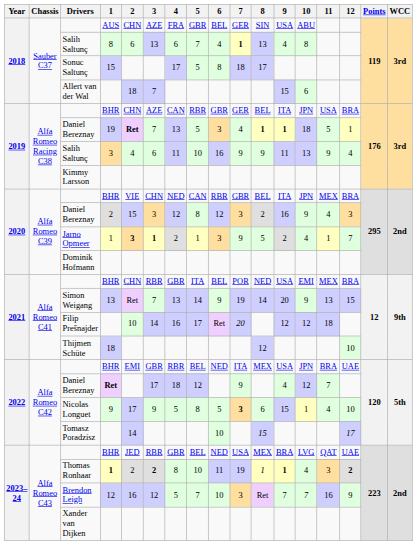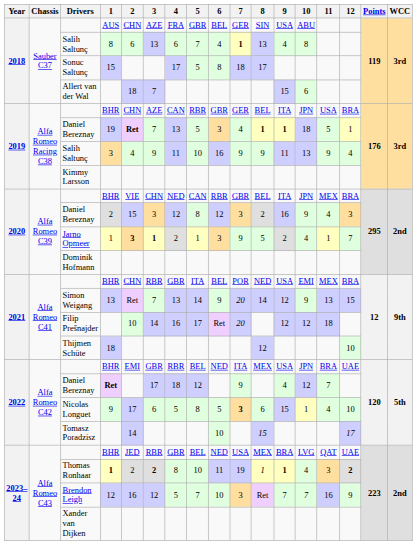 <table class="wikitable" style="text-align:center; font-size:85%">
 <tr>
 <th>Year</th>
 <th>Chassis</th>
 <th>Drivers</th>
 <th>1</th>
 <th>2</th>
 <th>3</th>
 <th>4</th>
 <th>5</th>
 <th>6</th>
 <th>7</th>
 <th>8</th>
 <th>9</th>
 <th>10</th>
 <th>11</th>
 <th>12</th>
 <th><a href='#'>Points</a></th>
 <th>WCC</th>
 </tr>
 <tr>
 <th rowspan="4"><a href='#'>2018</a></th>
 <td rowspan="4"><a href='#'>Sauber C37</a></td>
 <td></td>
 <td><a href='#'>AUS</a></td>
 <td><a href='#'>CHN</a></td>
 <td><a href='#'>AZE</a></td>
 <td><a href='#'>FRA</a></td>
 <td><a href='#'>GBR</a></td>
 <td><a href='#'>BEL</a></td>
 <td><a href='#'>GER</a></td>
 <td><a href='#'>SIN</a></td>
 <td><a href='#'>USA</a></td>
 <td><a href='#'>ABU</a></td>
 <td></td>
 <td></td>
 <th rowspan="4" style="background: #FFDF9F;">119</th>
 <th rowspan="4" style="background: #FFDF9F;">3rd</th>
 </tr>
 <tr>
 <td align="left"> Salih Saltunç</td>
 <td style="background: #DFFFDF">8</td>
 <td style="background: #DFFFDF">6</td>
 <td style="background: #CFCFFF">13</td>
 <td style="background: #DFFFDF">6</td>
 <td style="background: #DFFFDF">7</td>
 <td style="background: #DFFFDF">4</td>
 <td style="background: #FFFFBF"><strong>1</strong></td>
 <td style="background: #CFCFFF">13</td>
 <td style="background: #DFFFDF">4</td>
 <td style="background: #DFFFDF">8</td>
 <td></td>
 <td></td>
 </tr>
 <tr>
 <td align="left"> Sonuc Saltunç</td>
 <td style="background: #CFCFFF">15</td>
 <td style="background: #"></td>
 <td style="background: #"></td>
 <td style="background: #CFCFFF">17</td>
 <td style="background: #DFFFDF">5</td>
 <td style="background: #DFFFDF">8</td>
 <td style="background: #CFCFFF">18</td>
 <td style="background: #CFCFFF">17</td>
 <td style="background: #"></td>
 <td style="background: #"></td>
 <td></td>
 <td></td>
 </tr>
 <tr>
 <td align="left"> Allert van der Wal</td>
 <td style="background: #"></td>
 <td style="background: #CFCFFF">18</td>
 <td style="background: #CFCFFF">7</td>
 <td style="background: #"></td>
 <td style="background: #"></td>
 <td style="background: #"></td>
 <td style="background: #"></td>
 <td style="background: #"></td>
 <td style="background: #CFCFFF">15</td>
 <td style="background: #DFFFDF">6</td>
 <td></td>
 <td></td>
 </tr>
 <tr>
 <th rowspan="4"><a href='#'>2019</a></th>
 <td rowspan="4"><a href='#'>Alfa Romeo Racing C38</a></td>
 <td></td>
 <td><a href='#'>BHR</a></td>
 <td><a href='#'>CHN</a></td>
 <td><a href='#'>AZE</a></td>
 <td><a href='#'>CAN</a></td>
 <td><a href='#'>RBR</a></td>
 <td><a href='#'>GBR</a></td>
 <td><a href='#'>GER</a></td>
 <td><a href='#'>BEL</a></td>
 <td><a href='#'>ITA</a></td>
 <td><a href='#'>JPN</a></td>
 <td><a href='#'>USA</a></td>
 <td><a href='#'>BRA</a></td>
 <th rowspan="4" style="background: #FFDF9F;">176</th>
 <th rowspan="4" style="background: #FFDF9F;">3rd</th>
 </tr>
 <tr>
 <td align="left"> Daniel Bereznay</td>
 <td style="background: #CFCFFF">19</td>
 <td style="background: #EFCFFF"><strong>Ret</strong></td>
 <td style="background: #DFFFDF">7</td>
 <td style="background: #CFCFFF">13</td>
 <td style="background: #DFFFDF">5</td>
 <td style="background: #FFDF9F">3</td>
 <td style="background: #DFFFDF">4</td>
 <td style="background: #FFFFBF"><strong>1</strong></td>
 <td style="background: #FFFFBF"><strong>1</strong></td>
 <td style="background: #CFCFFF">18</td>
 <td style="background: #DFFFDF">5</td>
 <td style="background: #FFFFBF">1</td>
 </tr>
 <tr>
 <td align="left"> Salih Saltunç</td>
 <td style="background: #FFDF9F">3</td>
 <td style="background: #DFFFDF">4</td>
-<td style="background: #DFFFDF">6</td>
+<td style="background: #DFFFDF">9</td>
 <td style="background: #CFCFFF">11</td>
 <td style="background: #DFFFDF">10</td>
 <td style="background: #CFCFFF">16</td>
 <td style="background: #DFFFDF">9</td>
 <td style="background: #DFFFDF">9</td>
 <td style="background: #CFCFFF">11</td>
 <td style="background: #CFCFFF">13</td>
 <td style="background: #DFFFDF">9</td>
 <td style="background: #DFFFDF">4</td>
 </tr>
 <tr>
 <td align="left"> Kimmy Larsson</td>
 <td style="background: #"></td>
 <td style="background: #"></td>
 <td style="background: #"></td>
 <td style="background: #"></td>
 <td style="background: #"></td>
 <td style="background: #"></td>
 <td style="background: #"></td>
 <td style="background: #"></td>
 <td style="background: #"></td>
 <td style="background: #"></td>
 <td style="background: #"></td>
 <td style="background: #"></td>
 </tr>
 <tr>
 <th rowspan="4"><a href='#'>2020</a></th>
 <td rowspan="4"><a href='#'>Alfa Romeo C39</a></td>
 <td></td>
 <td><a href='#'>BHR</a></td>
 <td><a href='#'>VIE</a></td>
 <td><a href='#'>CHN</a></td>
 <td><a href='#'>NED</a></td>
 <td><a href='#'>CAN</a></td>
 <td><a href='#'>RBR</a></td>
 <td><a href='#'>GBR</a></td>
 <td><a href='#'>BEL</a></td>
 <td><a href='#'>ITA</a></td>
 <td><a href='#'>JPN</a></td>
 <td><a href='#'>MEX</a></td>
 <td><a href='#'>BRA</a></td>
 <th rowspan="4" style="background: #DFDFDF">295</th>
 <th rowspan="4" style="background: #DFDFDF">2nd</th>
 </tr>
 <tr>
 <td align="left"> Daniel Bereznay</td>
 <td style="background: #DFDFDF">2</td>
 <td style="background: #CFCFFF">15</td>
 <td style="background: #FFDF9F">3</td>
 <td style="background: #CFCFFF">12</td>
 <td style="background: #DFFFDF">8</td>
 <td style="background: #CFCFFF">12</td>
 <td style="background: #FFDF9F">3</td>
 <td style="background: #DFDFDF">2</td>
 <td style="background: #CFCFFF">16</td>
 <td style="background: #DFFFDF">9</td>
 <td style="background: #DFFFDF">4</td>
 <td style="background: #FFDF9F">3</td>
 </tr>
 <tr>
 <td align="left"> <a href='#'>Jarno Opmeer</a></td>
 <td style="background: #FFFFBF">1</td>
 <td style="background: #FFDF9F"><strong>3</strong></td>
 <td style="background: #FFFFBF"><strong>1</strong></td>
 <td style="background: #DFDFDF">2</td>
 <td style="background: #FFFFBF">1</td>
 <td style="background: #FFDF9F">3</td>
 <td style="background: #DFFFDF">9</td>
 <td style="background: #DFFFDF">5</td>
 <td style="background: #DFDFDF">2</td>
 <td style="background: #DFFFDF">4</td>
 <td style="background: #FFFFBF">1</td>
 <td style="background: #DFFFDF">7</td>
 </tr>
 <tr>
 <td align="left"> Dominik Hofmann</td>
 <td style="background: #"></td>
 <td style="background: #"></td>
 <td style="background: #"></td>
 <td style="background: #"></td>
 <td style="background: #"></td>
 <td style="background: #"></td>
 <td style="background: #"></td>
 <td style="background: #"></td>
 <td style="background: #"></td>
 <td style="background: #"></td>
 <td style="background: #"></td>
 <td style="background: #"></td>
 </tr>
 <tr>
 <th rowspan="4"><a href='#'>2021</a></th>
 <td rowspan="4"><a href='#'>Alfa Romeo C41</a></td>
 <td></td>
 <td><a href='#'>BHR</a></td>
 <td><a href='#'>CHN</a></td>
 <td><a href='#'>RBR</a></td>
 <td><a href='#'>GBR</a></td>
 <td><a href='#'>ITA</a></td>
 <td><a href='#'>BEL</a></td>
 <td><a href='#'>POR</a></td>
 <td><a href='#'>NED</a></td>
 <td><a href='#'>USA</a></td>
 <td><a href='#'>EMI</a></td>
 <td><a href='#'>MEX</a></td>
 <td><a href='#'>BRA</a></td>
 <th rowspan="4">12</th>
 <th rowspan="4">9th</th>
 </tr>
 <tr>
 <td align="left"> Simon Weigang</td>
 <td style="background: #CFCFFF">13</td>
 <td style="background: #EFCFFF">Ret</td>
 <td style="background: #DFFFDF">7</td>
 <td style="background: #CFCFFF">13</td>
 <td style="background: #CFCFFF">14</td>
 <td style="background: #DFFFDF">9</td>
-<td style="background: #CFCFFF">19</td>
+<td style="background: #CFCFFF"><em>20</em></td>
 <td style="background: #CFCFFF">14</td>
-<td style="background: #CFCFFF">20</td>
+<td style="background: #CFCFFF">12</td>
 <td style="background: #DFFFDF">9</td>
 <td style="background: #CFCFFF">13</td>
 <td style="background: #CFCFFF">15</td>
 </tr>
 <tr>
 <td align="left"> Filip Prešnajder</td>
 <td style="background: #"></td>
 <td style="background: #DFFFDF">10</td>
 <td style="background: #CFCFFF">14</td>
 <td style="background: #CFCFFF">16</td>
 <td style="background: #CFCFFF">17</td>
 <td style="background: #EFCFFF">Ret</td>
 <td style="background: #CFCFFF"><em>20</em></td>
 <td style="background: #"></td>
 <td style="background: #CFCFFF">12</td>
 <td style="background: #CFCFFF">12</td>
 <td style="background: #CFCFFF">18</td>
 <td style="background: #"></td>
 </tr>
 <tr>
 <td align="left"> Thijmen Schüte</td>
 <td style="background: #CFCFFF">18</td>
 <td style="background: #"></td>
 <td style="background: #"></td>
 <td style="background: #"></td>
 <td style="background: #"></td>
 <td style="background: #"></td>
 <td style="background: #"></td>
 <td style="background: #CFCFFF">12</td>
 <td style="background: #"></td>
 <td style="background: #"></td>
 <td style="background: #"></td>
 <td style="background: #DFFFDF">10</td>
 </tr>
 <tr>
 <th rowspan="4"><a href='#'>2022</a></th>
 <td rowspan="4"><a href='#'>Alfa Romeo C42</a></td>
 <td></td>
 <td><a href='#'>BHR</a></td>
 <td><a href='#'>EMI</a></td>
 <td><a href='#'>GBR</a></td>
 <td><a href='#'>RBR</a></td>
 <td><a href='#'>BEL</a></td>
 <td><a href='#'>NED</a></td>
 <td><a href='#'>ITA</a></td>
 <td><a href='#'>MEX</a></td>
 <td><a href='#'>USA</a></td>
 <td><a href='#'>JPN</a></td>
 <td><a href='#'>BRA</a></td>
 <td><a href='#'>UAE</a></td>
 <th rowspan="4" style="background: #">120</th>
 <th rowspan="4" style="background: #">5th</th>
 </tr>
 <tr>
 <td align="left"> Daniel Bereznay</td>
 <td style="background: #EFCFFF"><strong>Ret</strong></td>
 <td style="background: #"></td>
 <td style="background: #CFCFFF">17</td>
 <td style="background: #CFCFFF">18</td>
 <td style="background: #CFCFFF;">12</td>
 <td style="background: #"></td>
 <td style="background: #DFFFDF">9</td>
 <td style="background: #"></td>
 <td style="background: #DFFFDF">4</td>
 <td style="background: #CFCFFF">12</td>
 <td style="background: #DFFFDF">7</td>
 <td style="background: #"></td>
 </tr>
 <tr>
 <td align="left"> Nicolas Longuet</td>
 <td style="background: #DFFFDF">9</td>
 <td style="background: #CFCFFF">17</td>
-<td style="background: #DFFFDF">9</td>
+<td style="background: #DFFFDF">6</td>
 <td style="background: #DFFFDF">5</td>
 <td style="background: #DFFFDF">8</td>
 <td style="background: #DFFFDF">5</td>
 <td style="background: #FFDF9F"><strong>3</strong></td>
 <td style="background: #DFFFDF">6</td>
 <td style="background: #CFCFFF">15</td>
 <td style="background: #FFFFBF">1</td>
 <td style="background: #DFFFDF">4</td>
 <td style="background: #DFFFDF">10</td>
 </tr>
 <tr>
 <td align="left"> Tomasz Poradzisz</td>
 <td style="background: #"></td>
 <td style="background: #CFCFFF">14</td>
 <td style="background: #"></td>
 <td style="background: #"></td>
 <td style="background: #"></td>
 <td style="background: #DFFFDF">10</td>
 <td style="background: #"></td>
 <td style="background: #CFCFFF"><em>15</em></td>
 <td style="background: #"></td>
 <td style="background: #"></td>
 <td style="background: #"></td>
 <td style="background: #CFCFFF"><em>17</em></td>
 </tr>
 <tr>
 <th rowspan="4"><a href='#'>2023–24</a></th>
 <td rowspan="4"><a href='#'>Alfa Romeo C43</a></td>
 <td></td>
 <td><a href='#'>BHR</a></td>
 <td><a href='#'>JED</a></td>
 <td><a href='#'>RBR</a></td>
 <td><a href='#'>GBR</a></td>
 <td><a href='#'>BEL</a></td>
 <td><a href='#'>NED</a></td>
 <td><a href='#'>USA</a></td>
 <td><a href='#'>MEX</a></td>
 <td><a href='#'>BRA</a></td>
 <td><a href='#'>LVG</a></td>
 <td><a href='#'>QAT</a></td>
 <td><a href='#'>UAE</a></td>
 <th rowspan="4" style="background: #DFDFDF">223</th>
 <th rowspan="4" style="background: #DFDFDF">2nd</th>
 </tr>
 <tr>
 <td align="left"> Thomas Ronhaar</td>
 <td style="background: #FFFFBF"><strong>1</strong></td>
 <td style="background: #DFDFDF">2</td>
 <td style="background: #DFDFDF"><strong>2</strong></td>
 <td style="background: #DFFFDF">8</td>
 <td style="background: #DFFFDF">10</td>
 <td style="background: #CFCFFF">11</td>
 <td style="background: #CFCFFF">19</td>
 <td style="background: #FFFFBF"><em>1</em></td>
 <td style="background: #FFFFBF"><strong>1</strong></td>
 <td style="background: #DFFFDF">4</td>
 <td style="background: #FFDF9F">3</td>
 <td style="background: #DFDFDF"><strong>2</strong></td>
 </tr>
 <tr>
 <td align="left"> <a href='#'>Brendon Leigh</a></td>
 <td style="background: #CFCFFF">12</td>
 <td style="background: #CFCFFF">16</td>
 <td style="background: #CFCFFF">12</td>
 <td style="background: #DFFFDF">5</td>
 <td style="background: #DFFFDF">7</td>
 <td style="background: #DFFFDF">10</td>
 <td style="background: #FFDF9F">3</td>
 <td style="background: #EFCFFF">Ret</td>
 <td style="background: #DFFFDF ">7</td>
 <td style="background: #DFFFDF"><em>7</em></td>
 <td style="background: #CFCFFF">16</td>
 <td style="background: #DFFFDF">9</td>
 </tr>
 <tr>
 <td align="left"> Xander van Dijken</td>
 <td style="background: #"></td>
 <td style="background: #"></td>
 <td style="background: #"></td>
 <td style="background: #"></td>
 <td style="background: #"></td>
 <td style="background: #"></td>
 <td style="background: #"></td>
 <td style="background: #"></td>
 <td style="background: #"></td>
 <td style="background: #"></td>
 <td style="background: #"></td>
 <td style="background: #"></td>
 </tr>
 </table>
